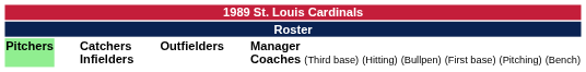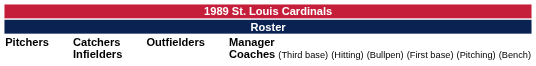 <table class="toccolours" style="font-size: 95%;">
 <tr>
 <th colspan="10" style="background-color: #c41e3a; color: #FFFFFF; text-align: center;">1989 St. Louis Cardinals</th>
 </tr>
 <tr>
 <td colspan="10" style="background-color: #0a2252; color: #FFFFFF; text-align: center;"><strong>Roster</strong></td>
 </tr>
 <tr>
-<td valign="top" style="background: lightgreen;"><strong>Pitchers</strong><br>              </td>
+<td valign="top"><strong>Pitchers</strong><br>              </td>
 <td width="25px"></td>
 <td valign="top"><strong>Catchers</strong><br>   <strong>Infielders</strong>          </td>
 <td width="25px"></td>
 <td valign="top"><strong>Outfielders</strong><br>    </td>
 <td width="25px"></td>
 <td valign="top"><strong>Manager</strong><br> <strong>Coaches</strong>  <small>(Third base)</small>  <small>(Hitting)</small>  <small>(Bullpen)</small>  <small>(First base)</small>  <small>(Pitching)</small>  <small>(Bench)</small></td>
 </tr>
 </table>
